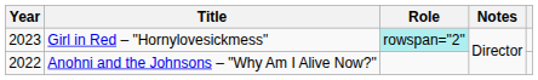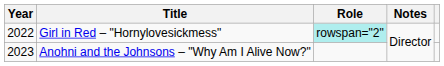 <table class="wikitable">
 <tr>
 <th>Year</th>
 <th>Title</th>
 <th>Role</th>
 <th class="unsortable">Notes</th>
 <th></th>
 </tr>
 <tr>
-<td>2023</td>
+<td>2022</td>
 <td><a href='#'>Girl in Red</a> – "Hornylovesickmess"</td>
 <td style="background: paleturquoise;">rowspan="2" </td>
 <td rowspan="2">Director</td>
 <td></td>
 </tr>
 <tr>
-<td>2022</td>
+<td>2023</td>
 <td><a href='#'>Anohni and the Johnsons</a> – "Why Am I Alive Now?"</td>
 <td></td>
 </tr>
 </table>
